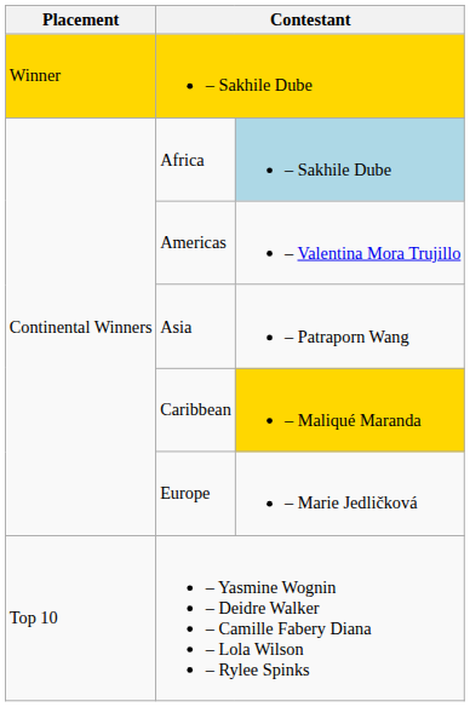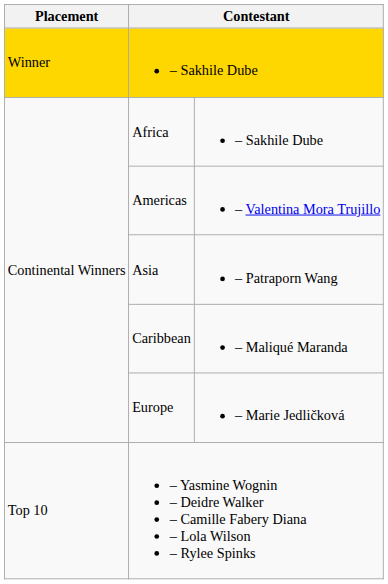 <table class="wikitable sortable" style="font-size:95%;">
 <tr>
 <th>Placement</th>
 <th colspan="2">Contestant</th>
 </tr>
 <tr style="background:gold;">
 <td>Winner</td>
 <td colspan="2"><br><ul><li> – Sakhile Dube</li></ul></td>
 </tr>
 <tr>
 <td rowspan="5">Continental Winners</td>
 <td>Africa</td>
-<td style="background: lightblue;"><br><ul><li> – Sakhile Dube</li></ul></td>
+<td><br><ul><li> – Sakhile Dube</li></ul></td>
 </tr>
 <tr>
 <td>Americas</td>
 <td><br><ul><li> – <a href='#'>Valentina Mora Trujillo</a></li></ul></td>
 </tr>
 <tr>
 <td>Asia</td>
 <td><br><ul><li> – Patraporn Wang</li></ul></td>
 </tr>
 <tr>
 <td>Caribbean</td>
-<td style="background: gold;"><br><ul><li> – Maliqué Maranda</li></ul></td>
+<td><br><ul><li> – Maliqué Maranda</li></ul></td>
 </tr>
 <tr>
 <td>Europe</td>
 <td><br><ul><li> – Marie Jedličková</li></ul></td>
 </tr>
 <tr>
 <td>Top 10</td>
 <td colspan="2" rowspan="1"><br><ul><li> – Yasmine Wognin</li><li> – Deidre Walker</li><li> – Camille Fabery Diana</li><li> – Lola Wilson</li><li> – Rylee Spinks</li></ul></td>
 </tr>
 </table>
